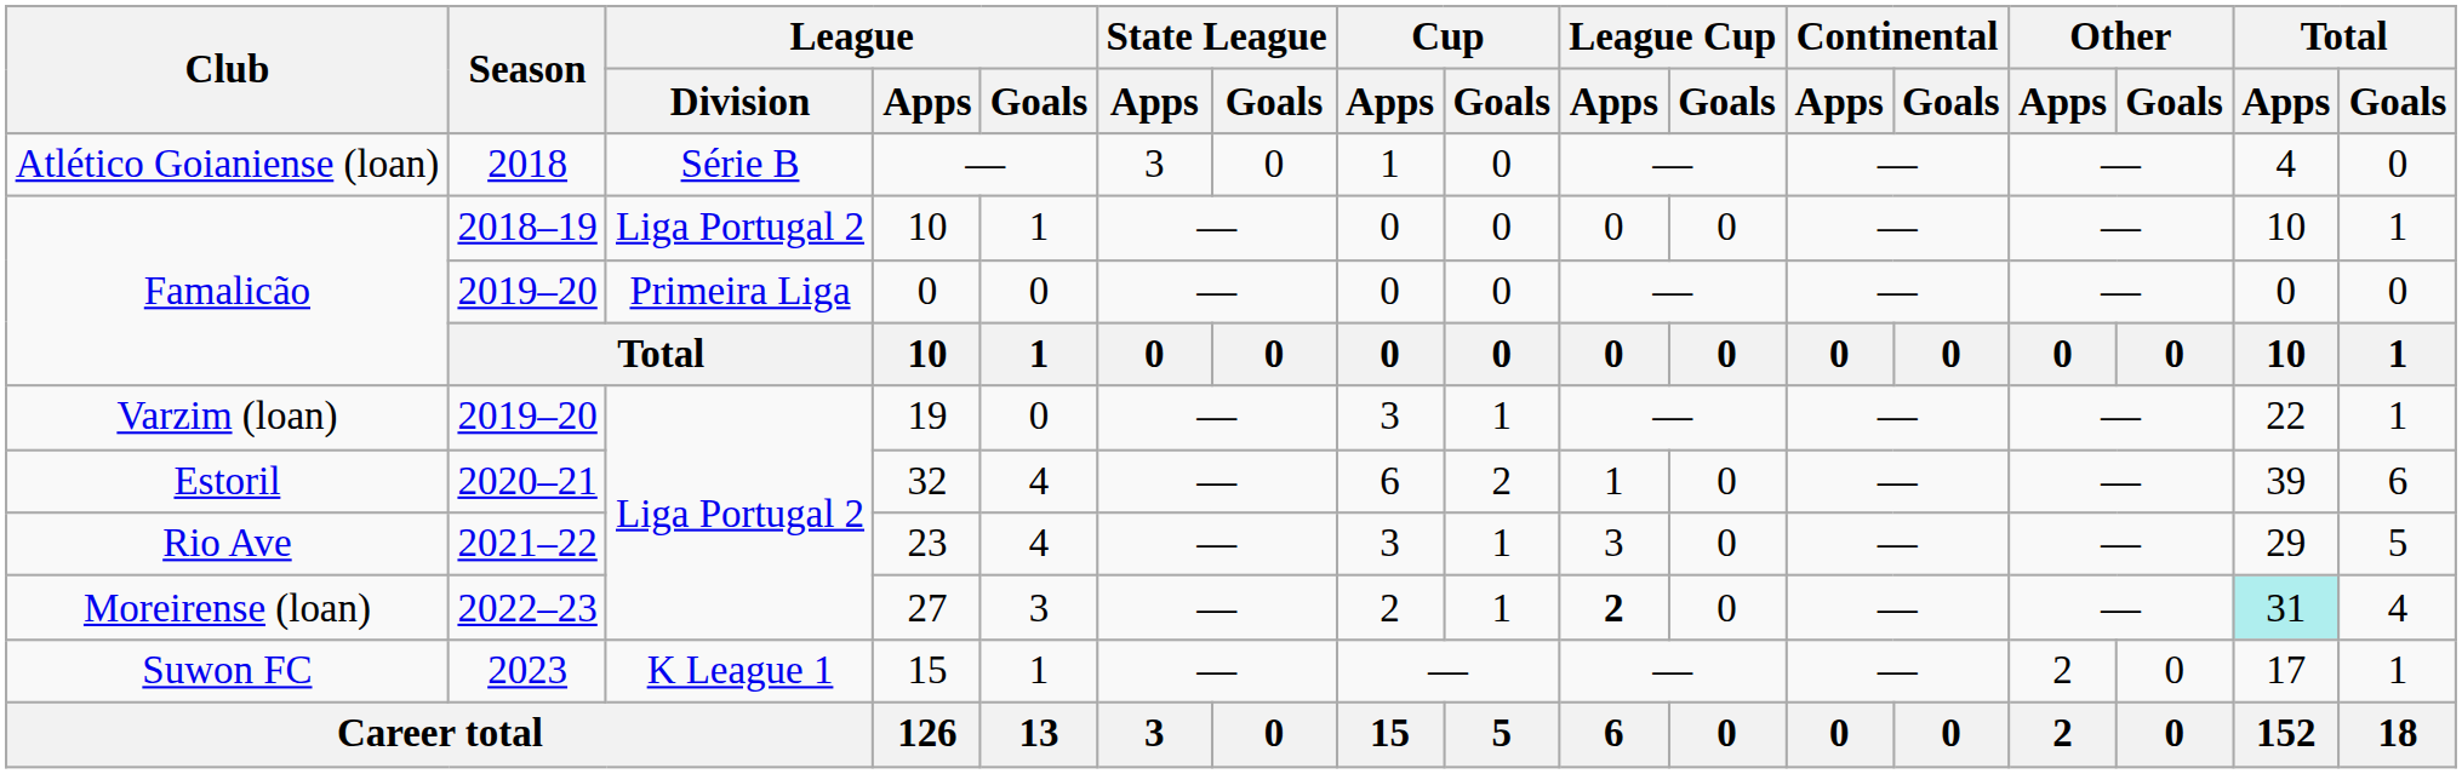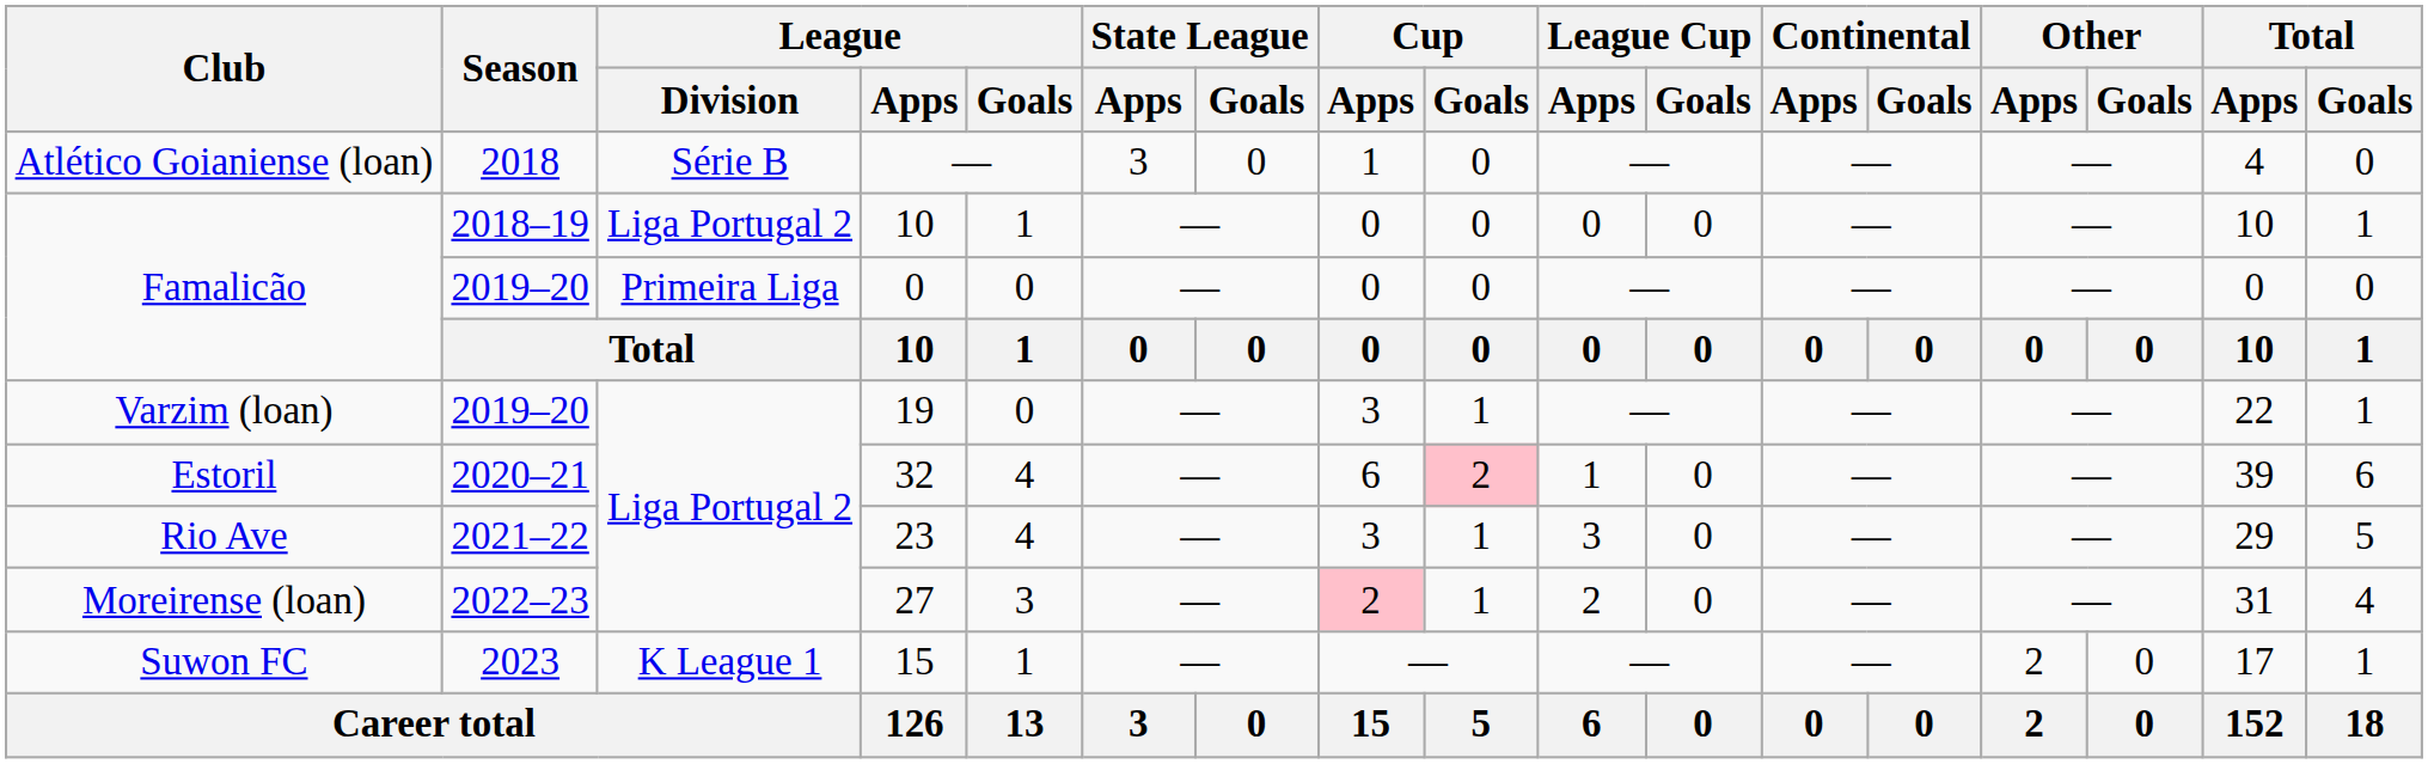 <table class="wikitable" style="text-align: center">
 <tr>
 <th rowspan="2">Club</th>
 <th rowspan="2">Season</th>
 <th colspan="3">League</th>
 <th colspan="2">State League</th>
 <th colspan="2">Cup</th>
 <th colspan="2">League Cup</th>
 <th colspan="2">Continental</th>
 <th colspan="2">Other</th>
 <th colspan="2">Total</th>
 </tr>
 <tr>
 <th>Division</th>
 <th>Apps</th>
 <th>Goals</th>
 <th>Apps</th>
 <th>Goals</th>
 <th>Apps</th>
 <th>Goals</th>
 <th>Apps</th>
 <th>Goals</th>
 <th>Apps</th>
 <th>Goals</th>
 <th>Apps</th>
 <th>Goals</th>
 <th>Apps</th>
 <th>Goals</th>
 </tr>
 <tr>
 <td><a href='#'>Atlético Goianiense</a> (loan)</td>
 <td><a href='#'>2018</a></td>
 <td><a href='#'>Série B</a></td>
 <td colspan="2">—</td>
 <td>3</td>
 <td>0</td>
 <td>1</td>
 <td>0</td>
 <td colspan="2">—</td>
 <td colspan="2">—</td>
 <td colspan="2">—</td>
 <td>4</td>
 <td>0</td>
 </tr>
 <tr>
 <td rowspan="3"><a href='#'>Famalicão</a></td>
 <td><a href='#'>2018–19</a></td>
 <td><a href='#'>Liga Portugal 2</a></td>
 <td>10</td>
 <td>1</td>
 <td colspan="2">—</td>
 <td>0</td>
 <td>0</td>
 <td>0</td>
 <td>0</td>
 <td colspan="2">—</td>
 <td colspan="2">—</td>
 <td>10</td>
 <td>1</td>
 </tr>
 <tr>
 <td><a href='#'>2019–20</a></td>
 <td><a href='#'>Primeira Liga</a></td>
 <td>0</td>
 <td>0</td>
 <td colspan="2">—</td>
 <td>0</td>
 <td>0</td>
 <td colspan="2">—</td>
 <td colspan="2">—</td>
 <td colspan="2">—</td>
 <td>0</td>
 <td>0</td>
 </tr>
 <tr>
 <th colspan="2"><strong>Total</strong></th>
 <th>10</th>
 <th>1</th>
 <th>0</th>
 <th>0</th>
 <th>0</th>
 <th>0</th>
 <th>0</th>
 <th>0</th>
 <th>0</th>
 <th>0</th>
 <th>0</th>
 <th>0</th>
 <th>10</th>
 <th>1</th>
 </tr>
 <tr>
 <td><a href='#'>Varzim</a> (loan)</td>
 <td><a href='#'>2019–20</a></td>
 <td rowspan="4"><a href='#'>Liga Portugal 2</a></td>
 <td>19</td>
 <td>0</td>
 <td colspan="2">—</td>
 <td>3</td>
 <td>1</td>
 <td colspan="2">—</td>
 <td colspan="2">—</td>
 <td colspan="2">—</td>
 <td>22</td>
 <td>1</td>
 </tr>
 <tr>
 <td><a href='#'>Estoril</a></td>
 <td><a href='#'>2020–21</a></td>
 <td>32</td>
 <td>4</td>
 <td colspan="2">—</td>
 <td>6</td>
-<td>2</td>
+<td style="background: pink;">2</td>
 <td>1</td>
 <td>0</td>
 <td colspan="2">—</td>
 <td colspan="2">—</td>
 <td>39</td>
 <td>6</td>
 </tr>
 <tr>
 <td><a href='#'>Rio Ave</a></td>
 <td><a href='#'>2021–22</a></td>
 <td>23</td>
 <td>4</td>
 <td colspan="2">—</td>
 <td>3</td>
 <td>1</td>
 <td>3</td>
 <td>0</td>
 <td colspan="2">—</td>
 <td colspan="2">—</td>
 <td>29</td>
 <td>5</td>
 </tr>
 <tr>
 <td><a href='#'>Moreirense</a> (loan)</td>
 <td><a href='#'>2022–23</a></td>
 <td>27</td>
 <td>3</td>
 <td colspan="2">—</td>
+<td style="background: pink;">2</td>
+<td>1</td>
 <td>2</td>
-<td>1</td>
-<td><strong>2</strong></td>
 <td>0</td>
 <td colspan="2">—</td>
 <td colspan="2">—</td>
-<td style="background: paleturquoise;">31</td>
+<td>31</td>
 <td>4</td>
 </tr>
 <tr>
 <td><a href='#'>Suwon FC</a></td>
 <td><a href='#'>2023</a></td>
 <td><a href='#'>K League 1</a></td>
 <td>15</td>
 <td>1</td>
 <td colspan="2">—</td>
 <td colspan="2">—</td>
 <td colspan="2">—</td>
 <td colspan="2">—</td>
 <td>2</td>
 <td>0</td>
 <td>17</td>
 <td>1</td>
 </tr>
 <tr>
 <th colspan="3"><strong>Career total</strong></th>
 <th>126</th>
 <th>13</th>
 <th>3</th>
 <th>0</th>
 <th>15</th>
 <th>5</th>
 <th>6</th>
 <th>0</th>
 <th>0</th>
 <th>0</th>
 <th>2</th>
 <th>0</th>
 <th>152</th>
 <th>18</th>
 </tr>
 </table>
